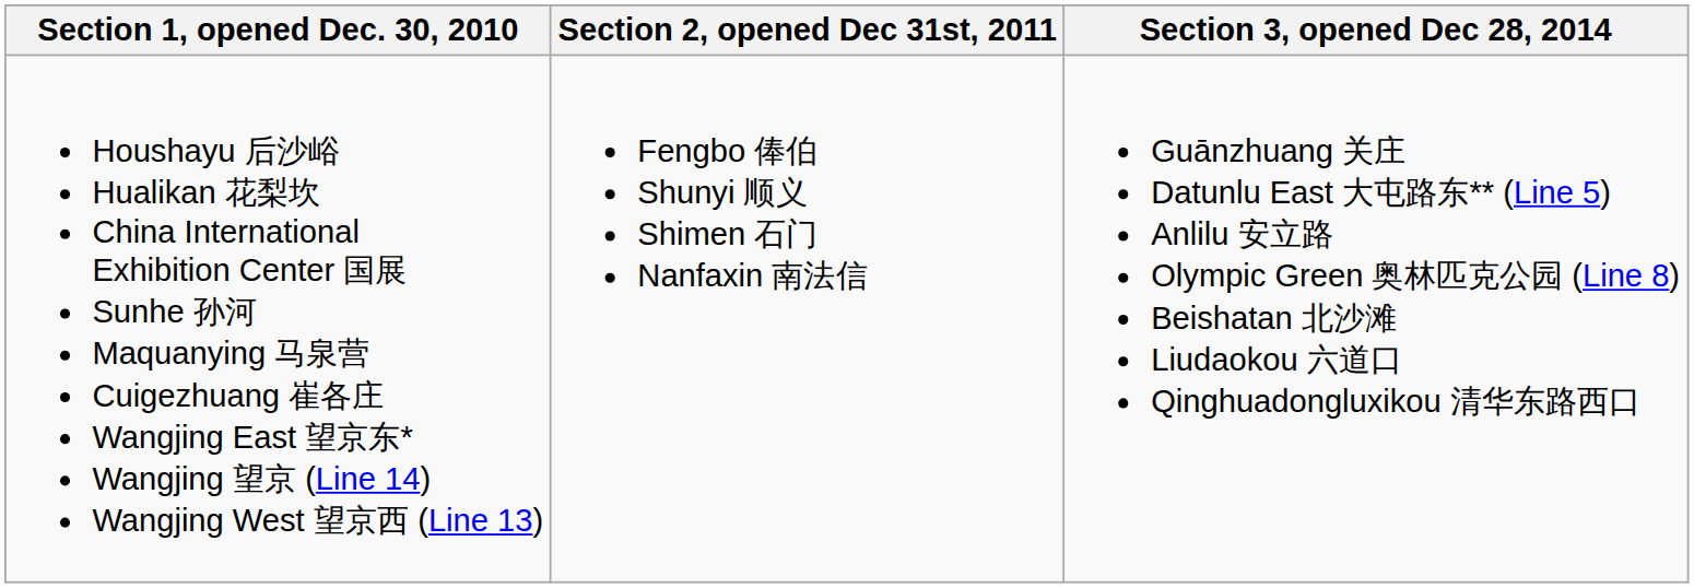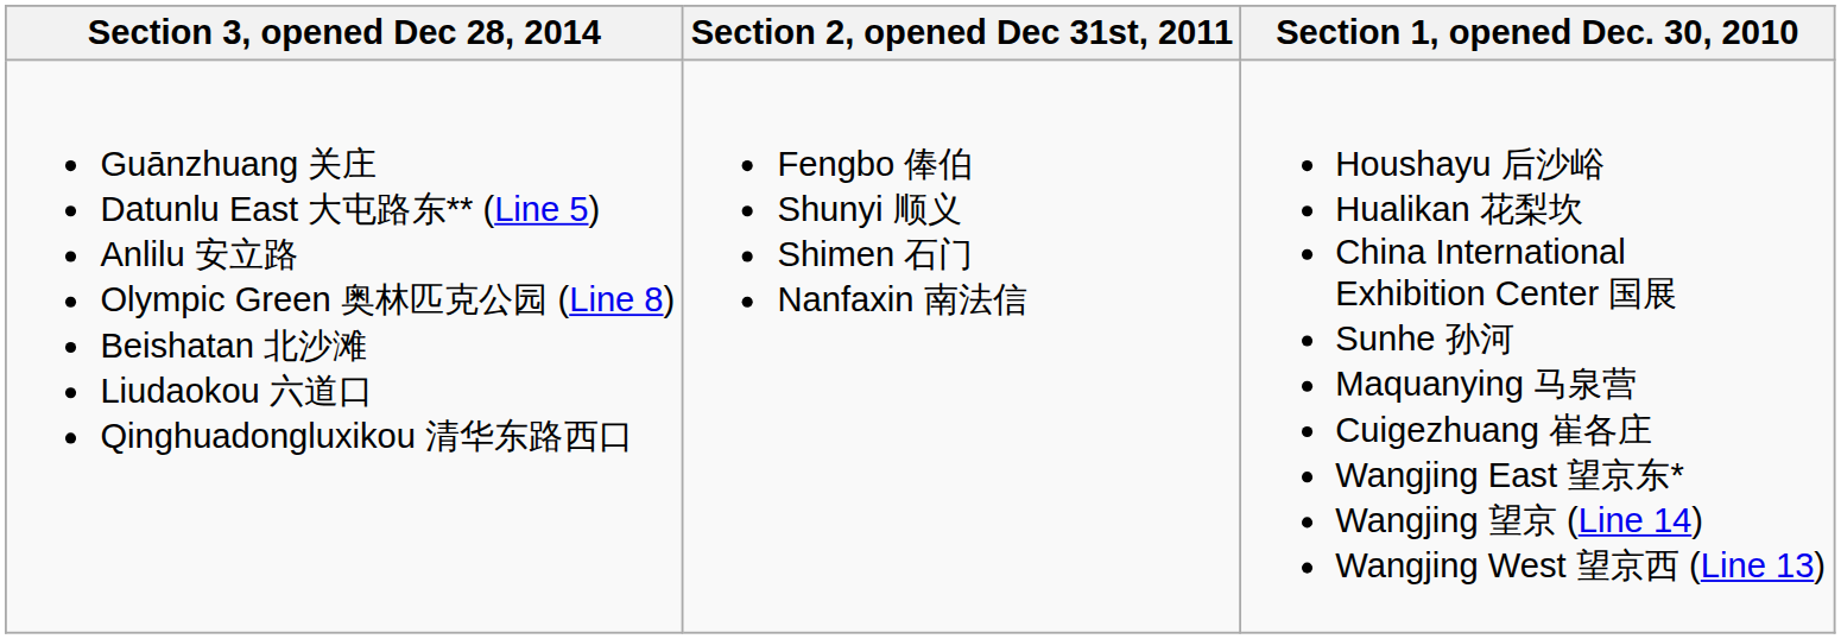 <table class="wikitable" style="width:auto;">
 <tr>
+<th>Section 3, opened Dec 28, 2014</th>
+<th>Section 2, opened Dec 31st, 2011</th>
 <th>Section 1, opened Dec. 30, 2010</th>
-<th>Section 2, opened Dec 31st, 2011</th>
-<th>Section 3, opened Dec 28, 2014</th>
 </tr>
 <tr>
+<td valign=top><br><ul><li>Guānzhuang 关庄</li><li>Datunlu East 大屯路东** (<a href='#'>Line 5</a>)</li><li>Anlilu 安立路</li><li>Olympic Green 奥林匹克公园 (<a href='#'>Line 8</a>)</li><li>Beishatan 北沙滩</li><li>Liudaokou 六道口</li><li>Qinghuadongluxikou 清华东路西口</li></ul></td>
+<td valign=top><br><ul><li>Fengbo 俸伯</li><li>Shunyi 顺义</li><li>Shimen 石门</li><li>Nanfaxin 南法信</li></ul></td>
 <td valign=top><br><ul><li>Houshayu 后沙峪</li><li>Hualikan 花梨坎</li><li>China International<br>Exhibition Center 国展</li><li>Sunhe 孙河</li><li>Maquanying 马泉营</li><li>Cuigezhuang 崔各庄</li><li>Wangjing East 望京东*</li><li>Wangjing 望京 (<a href='#'>Line 14</a>)</li><li>Wangjing West 望京西 (<a href='#'>Line 13</a>)</li></ul></td>
-<td valign=top><br><ul><li>Fengbo 俸伯</li><li>Shunyi 顺义</li><li>Shimen 石门</li><li>Nanfaxin 南法信</li></ul></td>
-<td valign=top><br><ul><li>Guānzhuang 关庄</li><li>Datunlu East 大屯路东** (<a href='#'>Line 5</a>)</li><li>Anlilu 安立路</li><li>Olympic Green 奥林匹克公园 (<a href='#'>Line 8</a>)</li><li>Beishatan 北沙滩</li><li>Liudaokou 六道口</li><li>Qinghuadongluxikou 清华东路西口</li></ul></td>
 </tr>
 </table>
